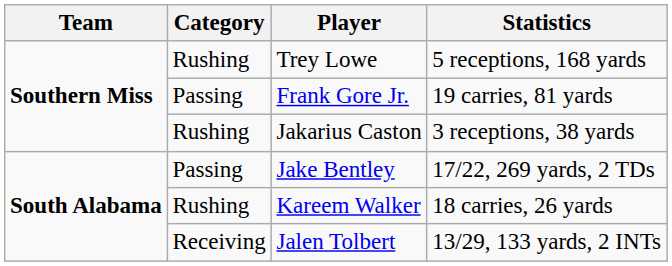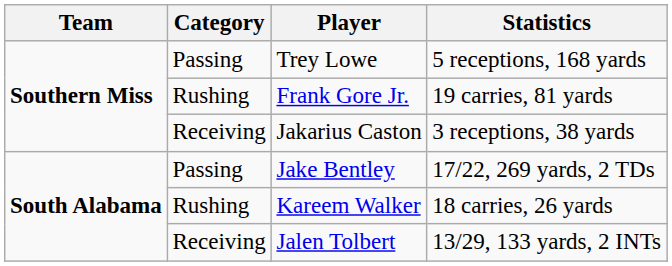 <table class="wikitable" style="float: left;">
 <tr>
 <th>Team</th>
 <th>Category</th>
 <th>Player</th>
 <th>Statistics</th>
 </tr>
 <tr>
 <td rowspan=3><strong>Southern Miss</strong></td>
-<td>Rushing</td>
+<td>Passing</td>
 <td>Trey Lowe</td>
 <td>5 receptions, 168 yards</td>
 </tr>
 <tr>
-<td>Passing</td>
+<td>Rushing</td>
 <td><a href='#'>Frank Gore Jr.</a></td>
 <td>19 carries, 81 yards</td>
 </tr>
 <tr>
-<td>Rushing</td>
+<td>Receiving</td>
 <td>Jakarius Caston</td>
 <td>3 receptions, 38 yards</td>
 </tr>
 <tr>
 <td rowspan=3><strong>South Alabama</strong></td>
 <td>Passing</td>
 <td><a href='#'>Jake Bentley</a></td>
 <td>17/22, 269 yards, 2 TDs</td>
 </tr>
 <tr>
 <td>Rushing</td>
 <td><a href='#'>Kareem Walker</a></td>
 <td>18 carries, 26 yards</td>
 </tr>
 <tr>
 <td>Receiving</td>
 <td><a href='#'>Jalen Tolbert</a></td>
 <td>13/29, 133 yards, 2 INTs</td>
 </tr>
 </table>
